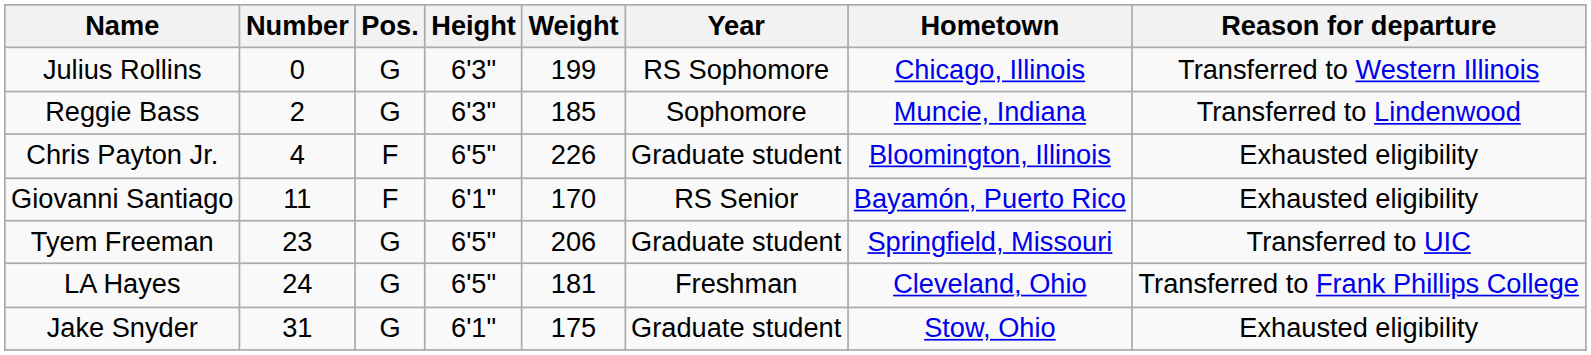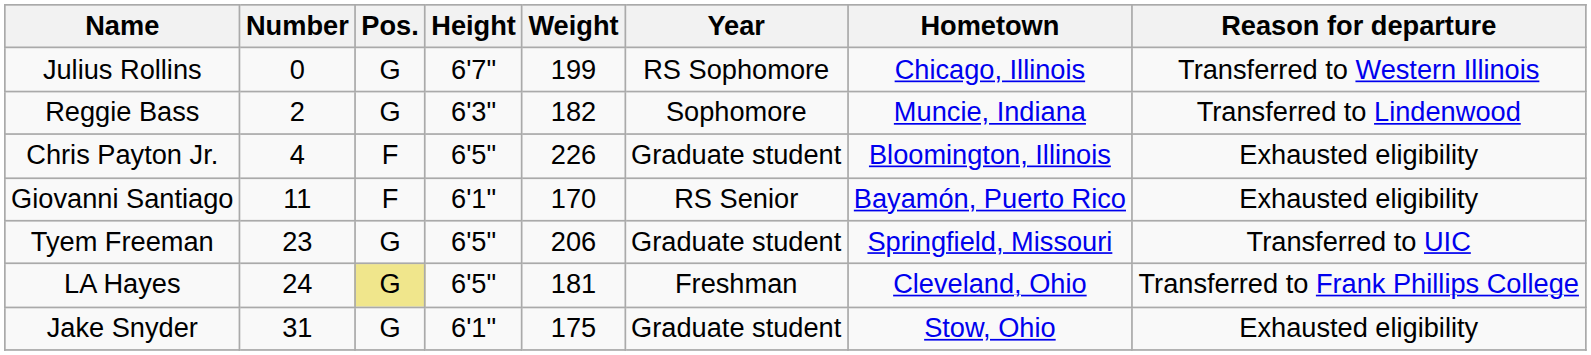 <table class="wikitable sortable" style="text-align:center">
 <tr align=center>
 <th>Name</th>
 <th>Number</th>
 <th>Pos.</th>
 <th>Height</th>
 <th>Weight</th>
 <th>Year</th>
 <th>Hometown</th>
 <th class="unsortable">Reason for departure</th>
 </tr>
 <tr>
 <td>Julius Rollins</td>
 <td>0</td>
 <td>G</td>
-<td>6'3"</td>
+<td>6'7"</td>
 <td>199</td>
 <td>RS Sophomore</td>
 <td><a href='#'>Chicago, Illinois</a></td>
 <td>Transferred to <a href='#'>Western Illinois</a></td>
 </tr>
 <tr>
 <td>Reggie Bass</td>
 <td>2</td>
 <td>G</td>
 <td>6'3"</td>
-<td>185</td>
+<td>182</td>
 <td>Sophomore</td>
 <td><a href='#'>Muncie, Indiana</a></td>
 <td>Transferred to <a href='#'>Lindenwood</a></td>
 </tr>
 <tr>
 <td>Chris Payton Jr.</td>
 <td>4</td>
 <td>F</td>
 <td>6'5"</td>
 <td>226</td>
 <td>Graduate student</td>
 <td><a href='#'>Bloomington, Illinois</a></td>
 <td>Exhausted eligibility</td>
 </tr>
 <tr>
 <td>Giovanni Santiago</td>
 <td>11</td>
 <td>F</td>
 <td>6'1"</td>
 <td>170</td>
 <td>RS Senior</td>
 <td><a href='#'>Bayamón, Puerto Rico</a></td>
 <td>Exhausted eligibility</td>
 </tr>
 <tr>
 <td>Tyem Freeman</td>
 <td>23</td>
 <td>G</td>
 <td>6'5"</td>
 <td>206</td>
 <td>Graduate student</td>
 <td><a href='#'>Springfield, Missouri</a></td>
 <td>Transferred to <a href='#'>UIC</a></td>
 </tr>
 <tr>
 <td>LA Hayes</td>
 <td>24</td>
-<td>G</td>
+<td style="background: khaki;">G</td>
 <td>6'5"</td>
 <td>181</td>
 <td>Freshman</td>
 <td><a href='#'>Cleveland, Ohio</a></td>
 <td>Transferred to <a href='#'>Frank Phillips College</a></td>
 </tr>
 <tr>
 <td>Jake Snyder</td>
 <td>31</td>
 <td>G</td>
 <td>6'1"</td>
 <td>175</td>
 <td>Graduate student</td>
 <td><a href='#'>Stow, Ohio</a></td>
 <td>Exhausted eligibility</td>
 </tr>
 </table>
